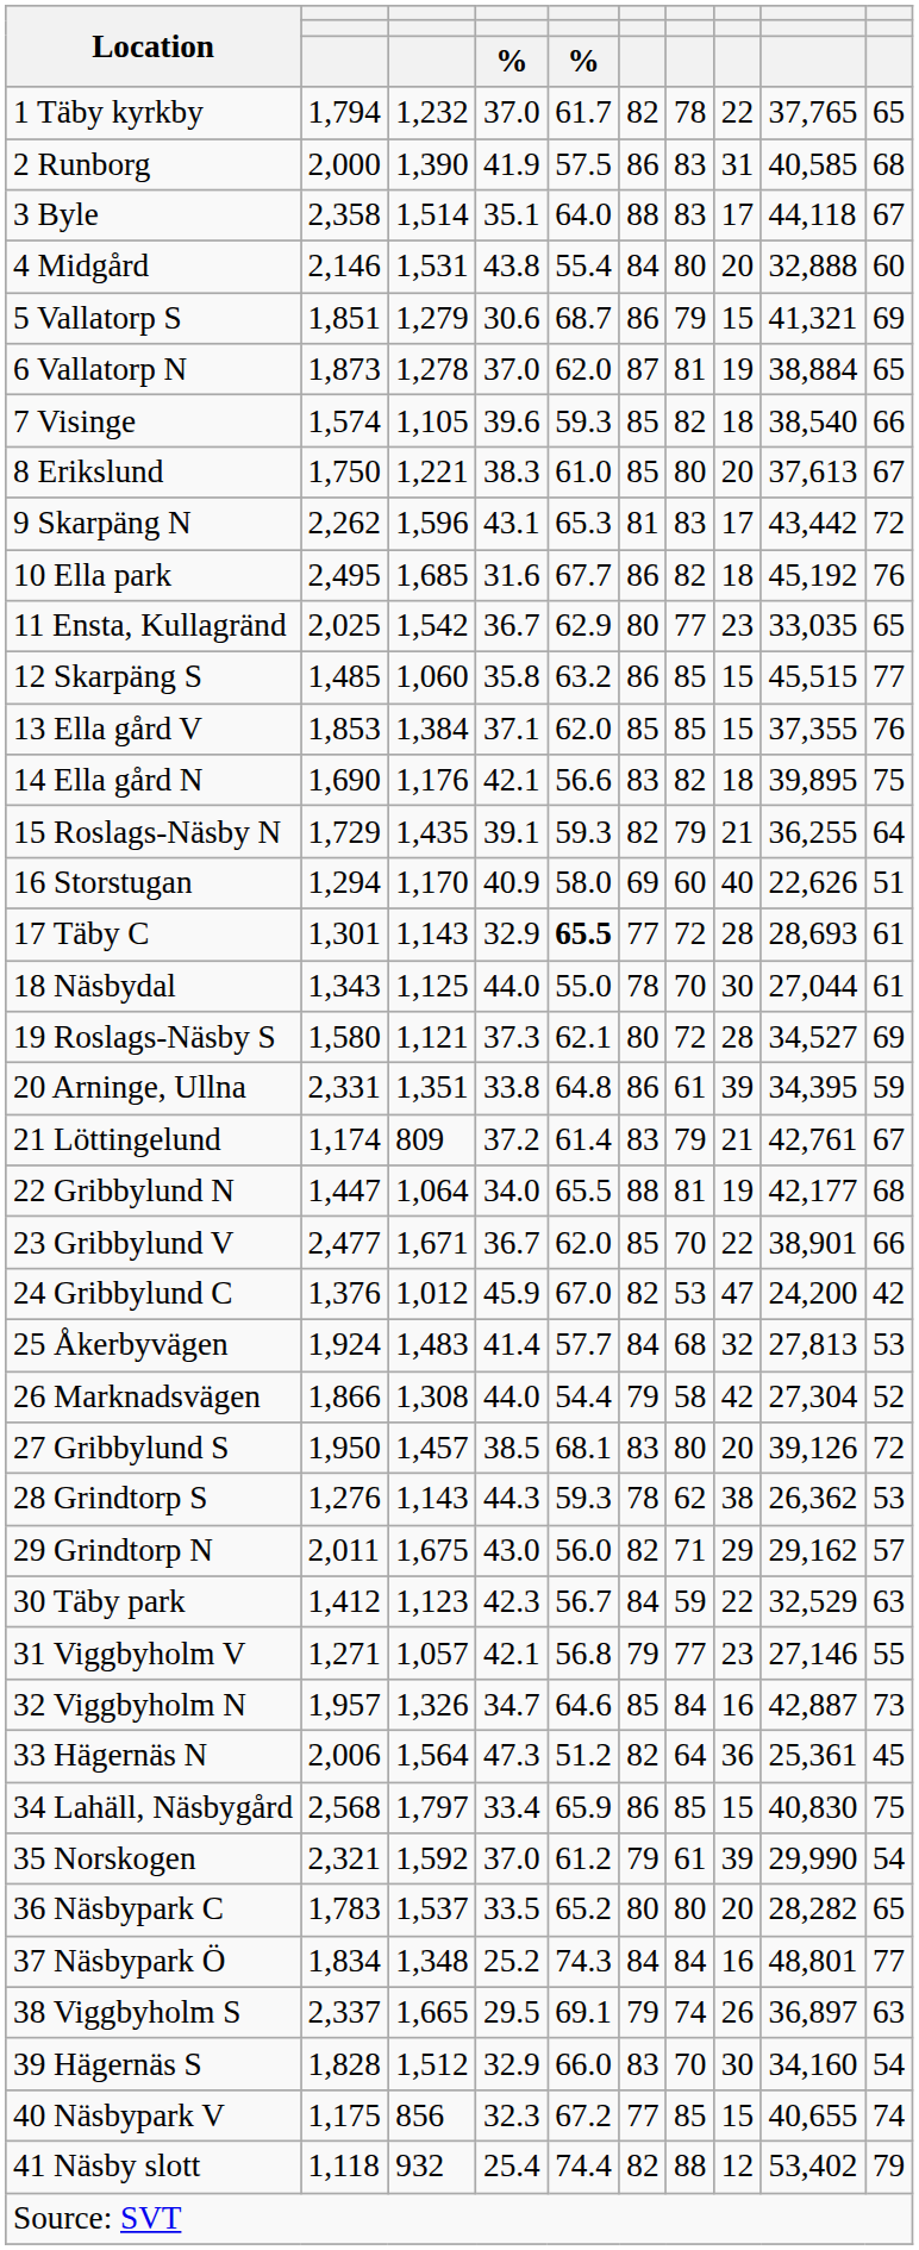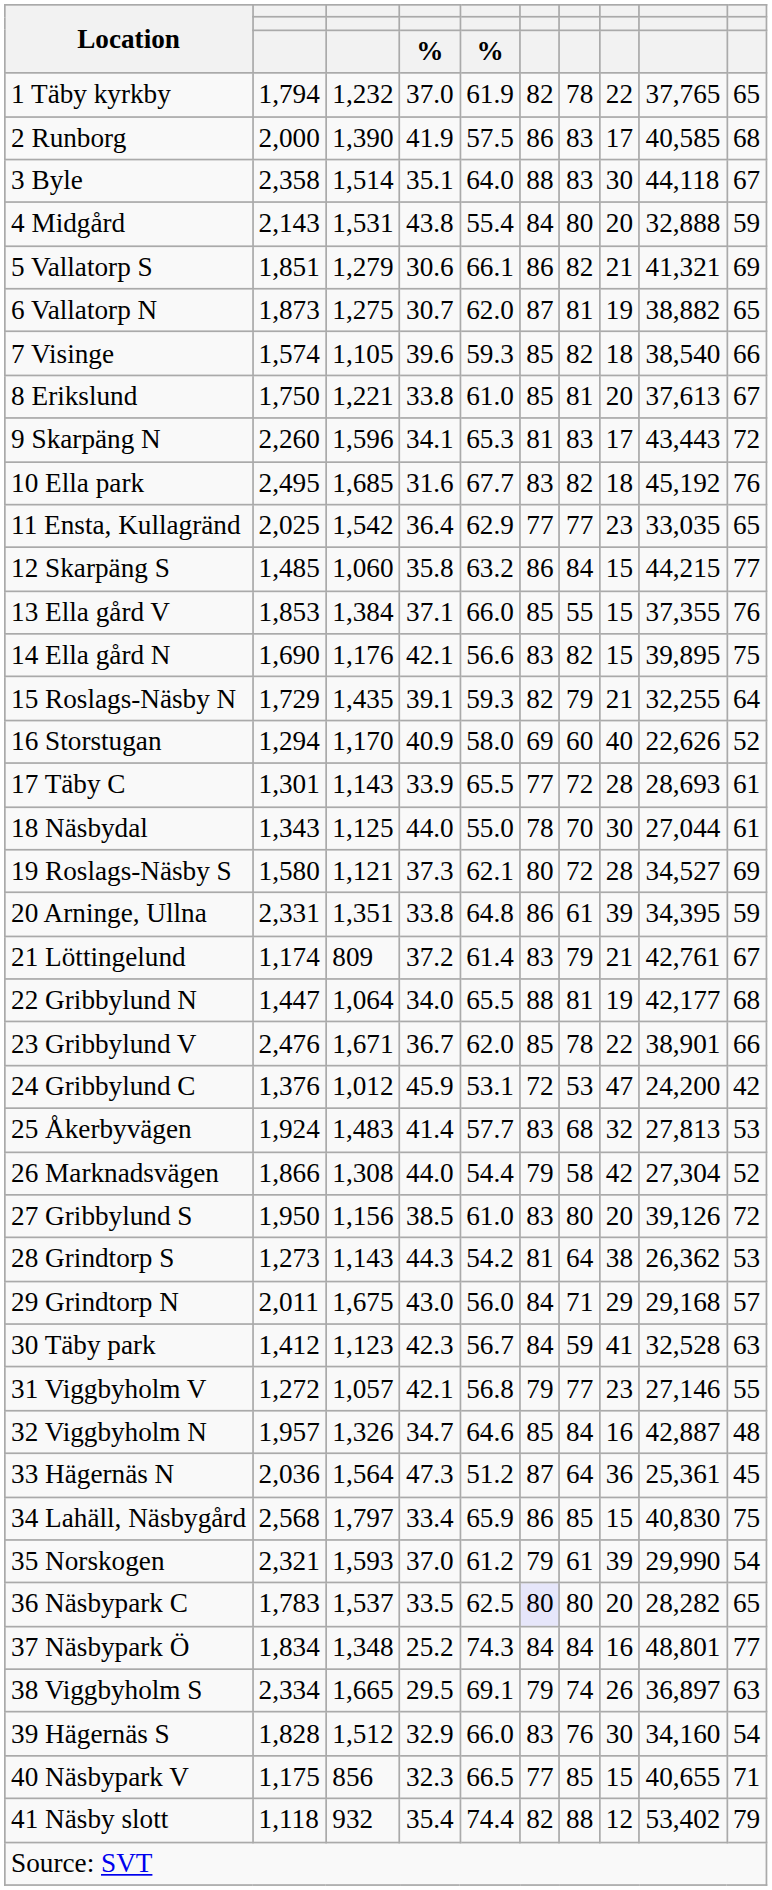 <table role="presentation" class="wikitable sortable mw-collapsible mw-collapsed">
 <tr>
 <th rowspan="3">Location</th>
 <th></th>
 <th></th>
 <th></th>
 <th></th>
 <th></th>
 <th></th>
 <th></th>
 <th></th>
 <th></th>
 </tr>
 <tr>
 <th></th>
 <th></th>
 <th style="background:"></th>
 <th style="background:"></th>
 <th></th>
 <th></th>
 <th></th>
 <th></th>
 <th></th>
 </tr>
 <tr>
 <th data-sort-type="number"></th>
 <th data-sort-type="number"></th>
 <th data-sort-type="number">%</th>
 <th data-sort-type="number">%</th>
 <th data-sort-type="number"></th>
 <th data-sort-type="number"></th>
 <th data-sort-type="number"></th>
 <th data-sort-type="number"></th>
 <th data-sort-type="number"></th>
 </tr>
 <tr>
 <td align="left">1 Täby kyrkby</td>
 <td>1,794</td>
 <td>1,232</td>
 <td>37.0</td>
-<td>61.7</td>
+<td>61.9</td>
 <td>82</td>
 <td>78</td>
 <td>22</td>
 <td>37,765</td>
 <td>65</td>
 </tr>
 <tr>
 <td align="left">2 Runborg</td>
 <td>2,000</td>
 <td>1,390</td>
 <td>41.9</td>
 <td>57.5</td>
 <td>86</td>
 <td>83</td>
-<td>31</td>
+<td>17</td>
 <td>40,585</td>
 <td>68</td>
 </tr>
 <tr>
 <td align="left">3 Byle</td>
 <td>2,358</td>
 <td>1,514</td>
 <td>35.1</td>
 <td>64.0</td>
 <td>88</td>
 <td>83</td>
-<td>17</td>
+<td>30</td>
 <td>44,118</td>
 <td>67</td>
 </tr>
 <tr>
 <td align="left">4 Midgård</td>
-<td>2,146</td>
+<td>2,143</td>
 <td>1,531</td>
 <td>43.8</td>
 <td>55.4</td>
 <td>84</td>
 <td>80</td>
 <td>20</td>
 <td>32,888</td>
-<td>60</td>
+<td>59</td>
 </tr>
 <tr>
 <td align="left">5 Vallatorp S</td>
 <td>1,851</td>
 <td>1,279</td>
 <td>30.6</td>
-<td>68.7</td>
+<td>66.1</td>
 <td>86</td>
-<td>79</td>
-<td>15</td>
+<td>82</td>
+<td>21</td>
 <td>41,321</td>
 <td>69</td>
 </tr>
 <tr>
 <td align="left">6 Vallatorp N</td>
 <td>1,873</td>
-<td>1,278</td>
-<td>37.0</td>
+<td>1,275</td>
+<td>30.7</td>
 <td>62.0</td>
 <td>87</td>
 <td>81</td>
 <td>19</td>
-<td>38,884</td>
+<td>38,882</td>
 <td>65</td>
 </tr>
 <tr>
 <td align="left">7 Visinge</td>
 <td>1,574</td>
 <td>1,105</td>
 <td>39.6</td>
 <td>59.3</td>
 <td>85</td>
 <td>82</td>
 <td>18</td>
 <td>38,540</td>
 <td>66</td>
 </tr>
 <tr>
 <td align="left">8 Erikslund</td>
 <td>1,750</td>
 <td>1,221</td>
-<td>38.3</td>
+<td>33.8</td>
 <td>61.0</td>
 <td>85</td>
-<td>80</td>
+<td>81</td>
 <td>20</td>
 <td>37,613</td>
 <td>67</td>
 </tr>
 <tr>
 <td align="left">9 Skarpäng N</td>
-<td>2,262</td>
+<td>2,260</td>
 <td>1,596</td>
-<td>43.1</td>
+<td>34.1</td>
 <td>65.3</td>
 <td>81</td>
 <td>83</td>
 <td>17</td>
-<td>43,442</td>
+<td>43,443</td>
 <td>72</td>
 </tr>
 <tr>
 <td align="left">10 Ella park</td>
 <td>2,495</td>
 <td>1,685</td>
 <td>31.6</td>
 <td>67.7</td>
-<td>86</td>
+<td>83</td>
 <td>82</td>
 <td>18</td>
 <td>45,192</td>
 <td>76</td>
 </tr>
 <tr>
 <td align="left">11 Ensta, Kullagränd</td>
 <td>2,025</td>
 <td>1,542</td>
-<td>36.7</td>
+<td>36.4</td>
 <td>62.9</td>
-<td>80</td>
+<td>77</td>
 <td>77</td>
 <td>23</td>
 <td>33,035</td>
 <td>65</td>
 </tr>
 <tr>
 <td align="left">12 Skarpäng S</td>
 <td>1,485</td>
 <td>1,060</td>
 <td>35.8</td>
 <td>63.2</td>
 <td>86</td>
-<td>85</td>
+<td>84</td>
 <td>15</td>
-<td>45,515</td>
+<td>44,215</td>
 <td>77</td>
 </tr>
 <tr>
 <td align="left">13 Ella gård V</td>
 <td>1,853</td>
 <td>1,384</td>
 <td>37.1</td>
-<td>62.0</td>
+<td>66.0</td>
 <td>85</td>
-<td>85</td>
+<td>55</td>
 <td>15</td>
 <td>37,355</td>
 <td>76</td>
 </tr>
 <tr>
 <td align="left">14 Ella gård N</td>
 <td>1,690</td>
 <td>1,176</td>
 <td>42.1</td>
 <td>56.6</td>
 <td>83</td>
 <td>82</td>
-<td>18</td>
+<td>15</td>
 <td>39,895</td>
 <td>75</td>
 </tr>
 <tr>
 <td align="left">15 Roslags-Näsby N</td>
 <td>1,729</td>
 <td>1,435</td>
 <td>39.1</td>
 <td>59.3</td>
 <td>82</td>
 <td>79</td>
 <td>21</td>
-<td>36,255</td>
+<td>32,255</td>
 <td>64</td>
 </tr>
 <tr>
 <td align="left">16 Storstugan</td>
 <td>1,294</td>
 <td>1,170</td>
 <td>40.9</td>
 <td>58.0</td>
 <td>69</td>
 <td>60</td>
 <td>40</td>
 <td>22,626</td>
-<td>51</td>
+<td>52</td>
 </tr>
 <tr>
 <td align="left">17 Täby C</td>
 <td>1,301</td>
 <td>1,143</td>
-<td>32.9</td>
-<td><strong>65.5</strong></td>
+<td>33.9</td>
+<td>65.5</td>
 <td>77</td>
 <td>72</td>
 <td>28</td>
 <td>28,693</td>
 <td>61</td>
 </tr>
 <tr>
 <td align="left">18 Näsbydal</td>
 <td>1,343</td>
 <td>1,125</td>
 <td>44.0</td>
 <td>55.0</td>
 <td>78</td>
 <td>70</td>
 <td>30</td>
 <td>27,044</td>
 <td>61</td>
 </tr>
 <tr>
 <td align="left">19 Roslags-Näsby S</td>
 <td>1,580</td>
 <td>1,121</td>
 <td>37.3</td>
 <td>62.1</td>
 <td>80</td>
 <td>72</td>
 <td>28</td>
 <td>34,527</td>
 <td>69</td>
 </tr>
 <tr>
 <td align="left">20 Arninge, Ullna</td>
 <td>2,331</td>
 <td>1,351</td>
 <td>33.8</td>
 <td>64.8</td>
 <td>86</td>
 <td>61</td>
 <td>39</td>
 <td>34,395</td>
 <td>59</td>
 </tr>
 <tr>
 <td align="left">21 Löttingelund</td>
 <td>1,174</td>
 <td>809</td>
 <td>37.2</td>
 <td>61.4</td>
 <td>83</td>
 <td>79</td>
 <td>21</td>
 <td>42,761</td>
 <td>67</td>
 </tr>
 <tr>
 <td align="left">22 Gribbylund N</td>
 <td>1,447</td>
 <td>1,064</td>
 <td>34.0</td>
 <td>65.5</td>
 <td>88</td>
 <td>81</td>
 <td>19</td>
 <td>42,177</td>
 <td>68</td>
 </tr>
 <tr>
 <td align="left">23 Gribbylund V</td>
-<td>2,477</td>
+<td>2,476</td>
 <td>1,671</td>
 <td>36.7</td>
 <td>62.0</td>
 <td>85</td>
-<td>70</td>
+<td>78</td>
 <td>22</td>
 <td>38,901</td>
 <td>66</td>
 </tr>
 <tr>
 <td align="left">24 Gribbylund C</td>
 <td>1,376</td>
 <td>1,012</td>
 <td>45.9</td>
-<td>67.0</td>
-<td>82</td>
+<td>53.1</td>
+<td>72</td>
 <td>53</td>
 <td>47</td>
 <td>24,200</td>
 <td>42</td>
 </tr>
 <tr>
 <td align="left">25 Åkerbyvägen</td>
 <td>1,924</td>
 <td>1,483</td>
 <td>41.4</td>
 <td>57.7</td>
-<td>84</td>
+<td>83</td>
 <td>68</td>
 <td>32</td>
 <td>27,813</td>
 <td>53</td>
 </tr>
 <tr>
 <td align="left">26 Marknadsvägen</td>
 <td>1,866</td>
 <td>1,308</td>
 <td>44.0</td>
 <td>54.4</td>
 <td>79</td>
 <td>58</td>
 <td>42</td>
 <td>27,304</td>
 <td>52</td>
 </tr>
 <tr>
 <td align="left">27 Gribbylund S</td>
 <td>1,950</td>
-<td>1,457</td>
+<td>1,156</td>
 <td>38.5</td>
-<td>68.1</td>
+<td>61.0</td>
 <td>83</td>
 <td>80</td>
 <td>20</td>
 <td>39,126</td>
 <td>72</td>
 </tr>
 <tr>
 <td align="left">28 Grindtorp S</td>
-<td>1,276</td>
+<td>1,273</td>
 <td>1,143</td>
 <td>44.3</td>
-<td>59.3</td>
-<td>78</td>
-<td>62</td>
+<td>54.2</td>
+<td>81</td>
+<td>64</td>
 <td>38</td>
 <td>26,362</td>
 <td>53</td>
 </tr>
 <tr>
 <td align="left">29 Grindtorp N</td>
 <td>2,011</td>
 <td>1,675</td>
 <td>43.0</td>
 <td>56.0</td>
-<td>82</td>
+<td>84</td>
 <td>71</td>
 <td>29</td>
-<td>29,162</td>
+<td>29,168</td>
 <td>57</td>
 </tr>
 <tr>
 <td align="left">30 Täby park</td>
 <td>1,412</td>
 <td>1,123</td>
 <td>42.3</td>
 <td>56.7</td>
 <td>84</td>
 <td>59</td>
-<td>22</td>
-<td>32,529</td>
+<td>41</td>
+<td>32,528</td>
 <td>63</td>
 </tr>
 <tr>
 <td align="left">31 Viggbyholm V</td>
-<td>1,271</td>
+<td>1,272</td>
 <td>1,057</td>
 <td>42.1</td>
 <td>56.8</td>
 <td>79</td>
 <td>77</td>
 <td>23</td>
 <td>27,146</td>
 <td>55</td>
 </tr>
 <tr>
 <td align="left">32 Viggbyholm N</td>
 <td>1,957</td>
 <td>1,326</td>
 <td>34.7</td>
 <td>64.6</td>
 <td>85</td>
 <td>84</td>
 <td>16</td>
 <td>42,887</td>
-<td>73</td>
+<td>48</td>
 </tr>
 <tr>
 <td align="left">33 Hägernäs N</td>
-<td>2,006</td>
+<td>2,036</td>
 <td>1,564</td>
 <td>47.3</td>
 <td>51.2</td>
-<td>82</td>
+<td>87</td>
 <td>64</td>
 <td>36</td>
 <td>25,361</td>
 <td>45</td>
 </tr>
 <tr>
 <td align="left">34 Lahäll, Näsbygård</td>
 <td>2,568</td>
 <td>1,797</td>
 <td>33.4</td>
 <td>65.9</td>
 <td>86</td>
 <td>85</td>
 <td>15</td>
 <td>40,830</td>
 <td>75</td>
 </tr>
 <tr>
 <td align="left">35 Norskogen</td>
 <td>2,321</td>
-<td>1,592</td>
+<td>1,593</td>
 <td>37.0</td>
 <td>61.2</td>
 <td>79</td>
 <td>61</td>
 <td>39</td>
 <td>29,990</td>
 <td>54</td>
 </tr>
 <tr>
 <td align="left">36 Näsbypark C</td>
 <td>1,783</td>
 <td>1,537</td>
 <td>33.5</td>
-<td>65.2</td>
-<td>80</td>
+<td>62.5</td>
+<td style="background: lavender;">80</td>
 <td>80</td>
 <td>20</td>
 <td>28,282</td>
 <td>65</td>
 </tr>
 <tr>
 <td align="left">37 Näsbypark Ö</td>
 <td>1,834</td>
 <td>1,348</td>
 <td>25.2</td>
 <td>74.3</td>
 <td>84</td>
 <td>84</td>
 <td>16</td>
 <td>48,801</td>
 <td>77</td>
 </tr>
 <tr>
 <td align="left">38 Viggbyholm S</td>
-<td>2,337</td>
+<td>2,334</td>
 <td>1,665</td>
 <td>29.5</td>
 <td>69.1</td>
 <td>79</td>
 <td>74</td>
 <td>26</td>
 <td>36,897</td>
 <td>63</td>
 </tr>
 <tr>
 <td align="left">39 Hägernäs S</td>
 <td>1,828</td>
 <td>1,512</td>
 <td>32.9</td>
 <td>66.0</td>
 <td>83</td>
-<td>70</td>
+<td>76</td>
 <td>30</td>
 <td>34,160</td>
 <td>54</td>
 </tr>
 <tr>
 <td align="left">40 Näsbypark V</td>
 <td>1,175</td>
 <td>856</td>
 <td>32.3</td>
-<td>67.2</td>
+<td>66.5</td>
 <td>77</td>
 <td>85</td>
 <td>15</td>
 <td>40,655</td>
-<td>74</td>
+<td>71</td>
 </tr>
 <tr>
 <td align="left">41 Näsby slott</td>
 <td>1,118</td>
 <td>932</td>
-<td>25.4</td>
+<td>35.4</td>
 <td>74.4</td>
 <td>82</td>
 <td>88</td>
 <td>12</td>
 <td>53,402</td>
 <td>79</td>
 </tr>
 <tr>
 <td colspan="10" align="left">Source: <a href='#'>SVT</a></td>
 </tr>
 </table>
